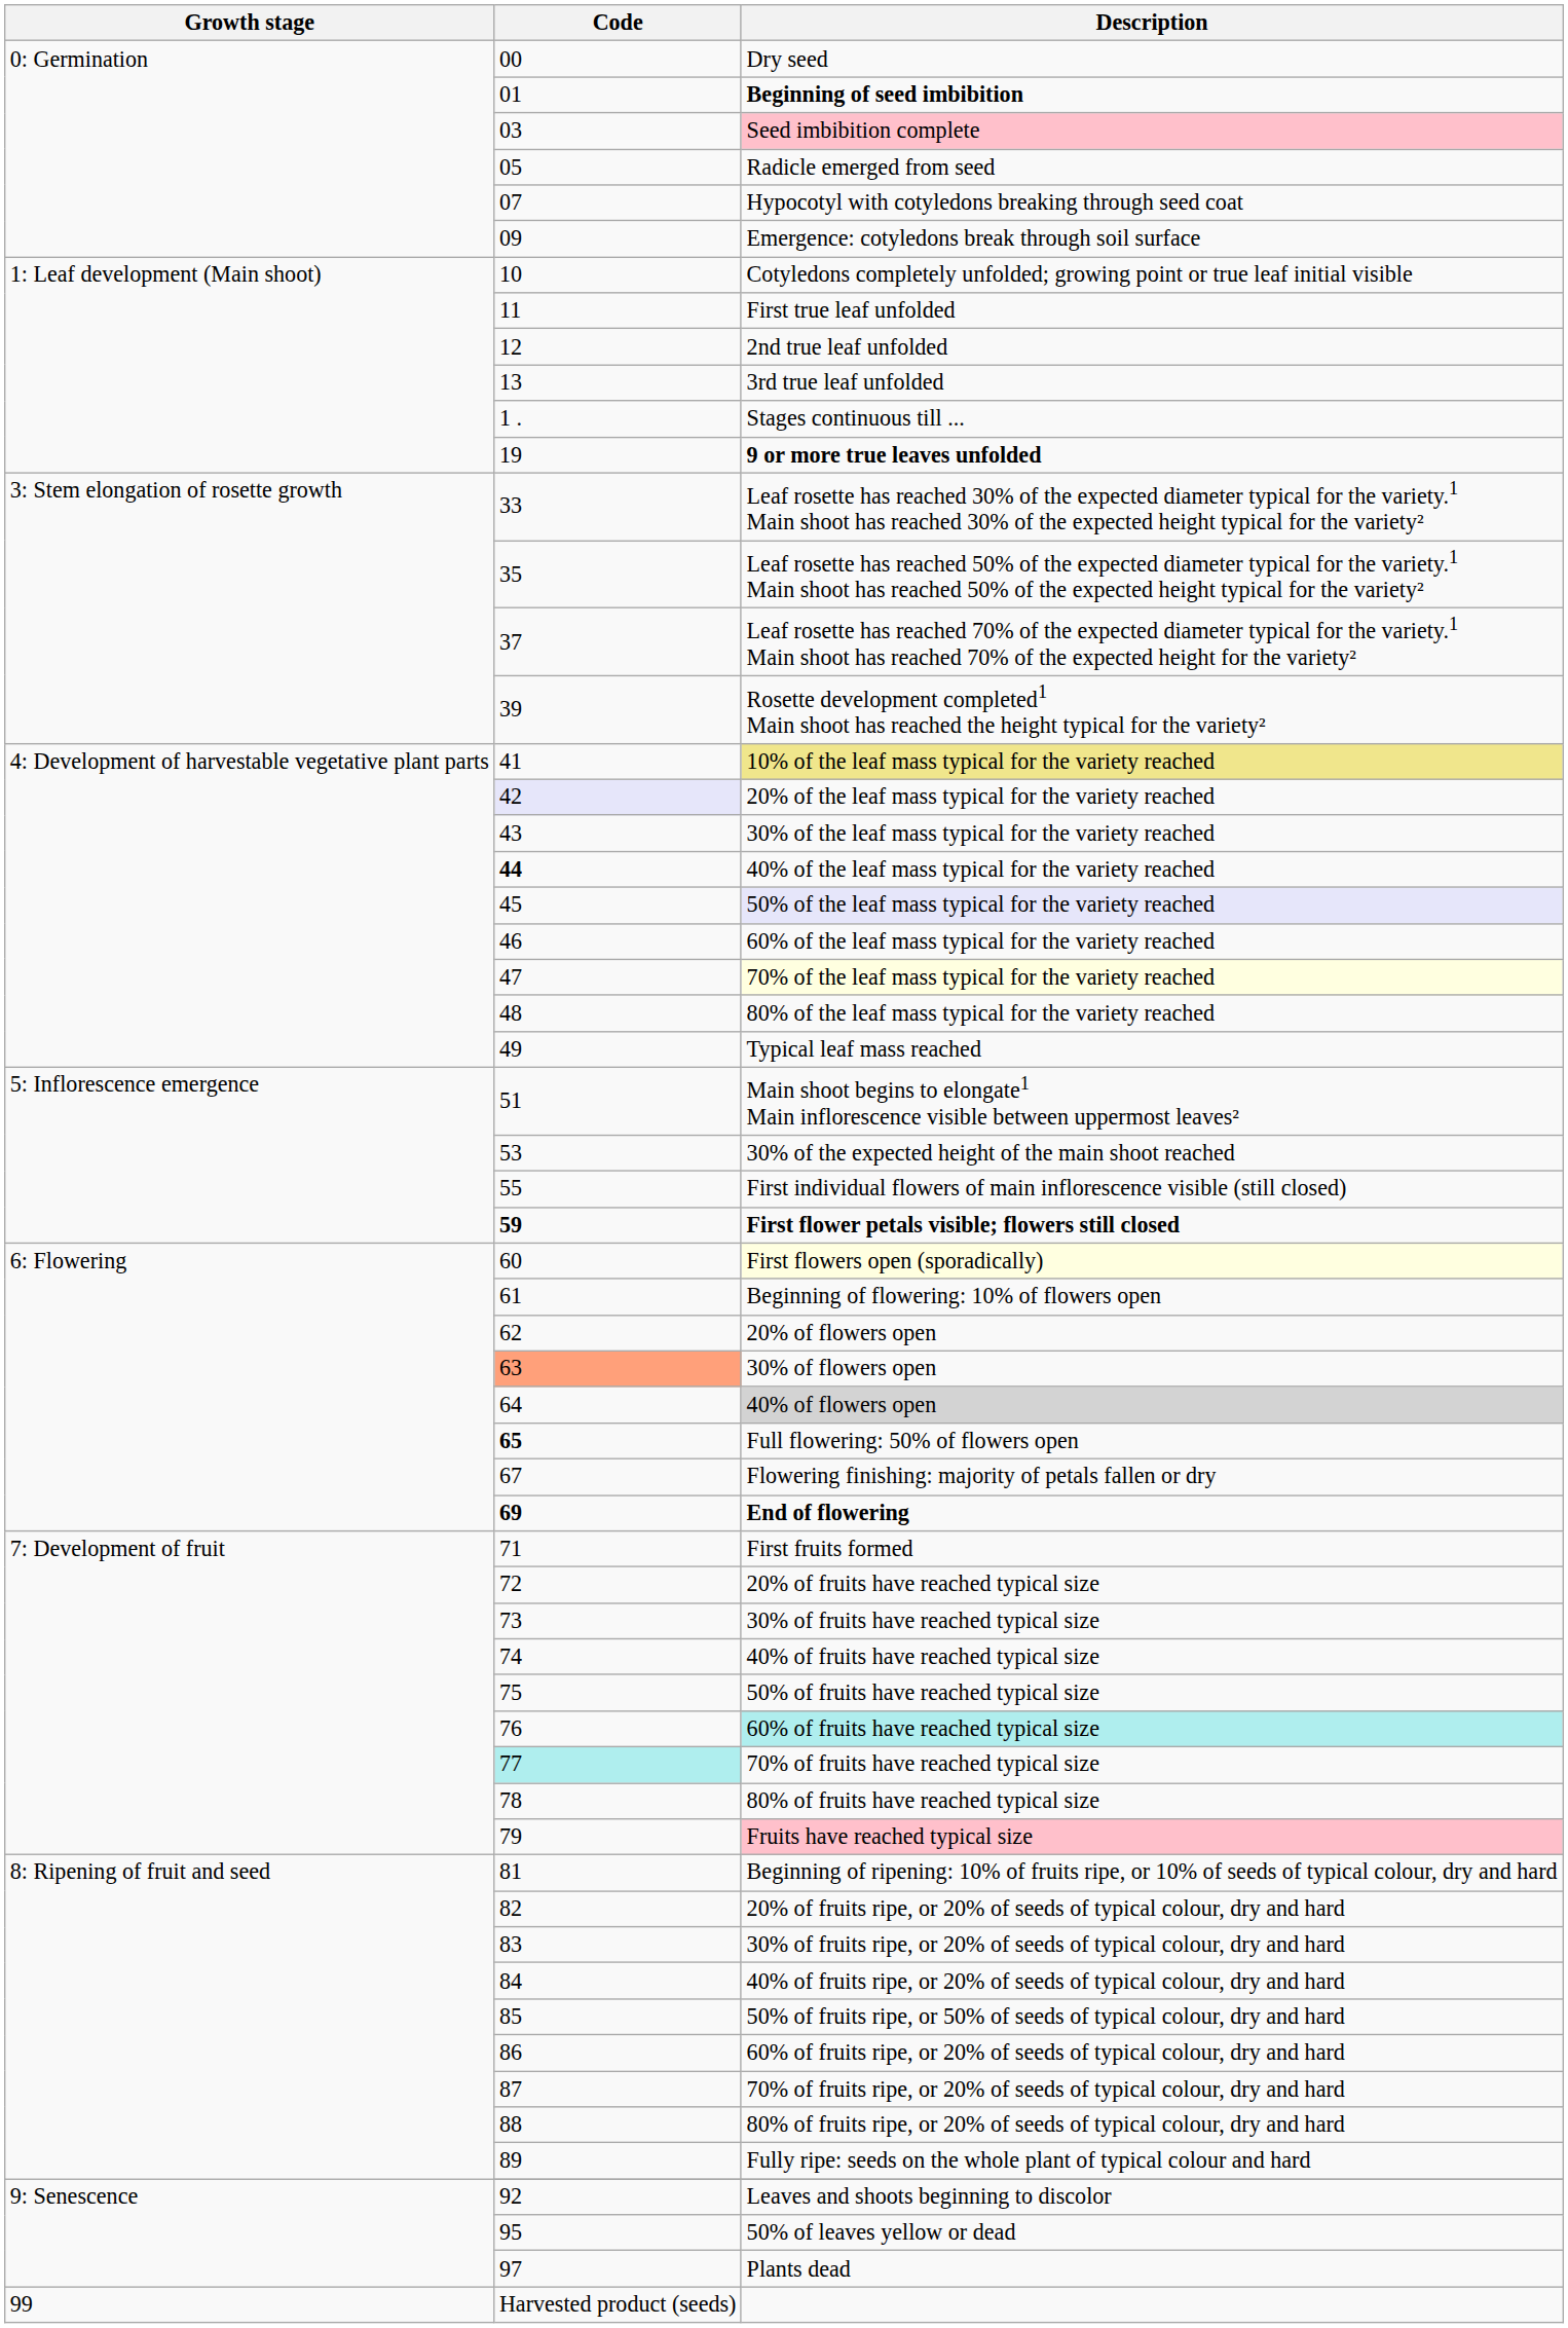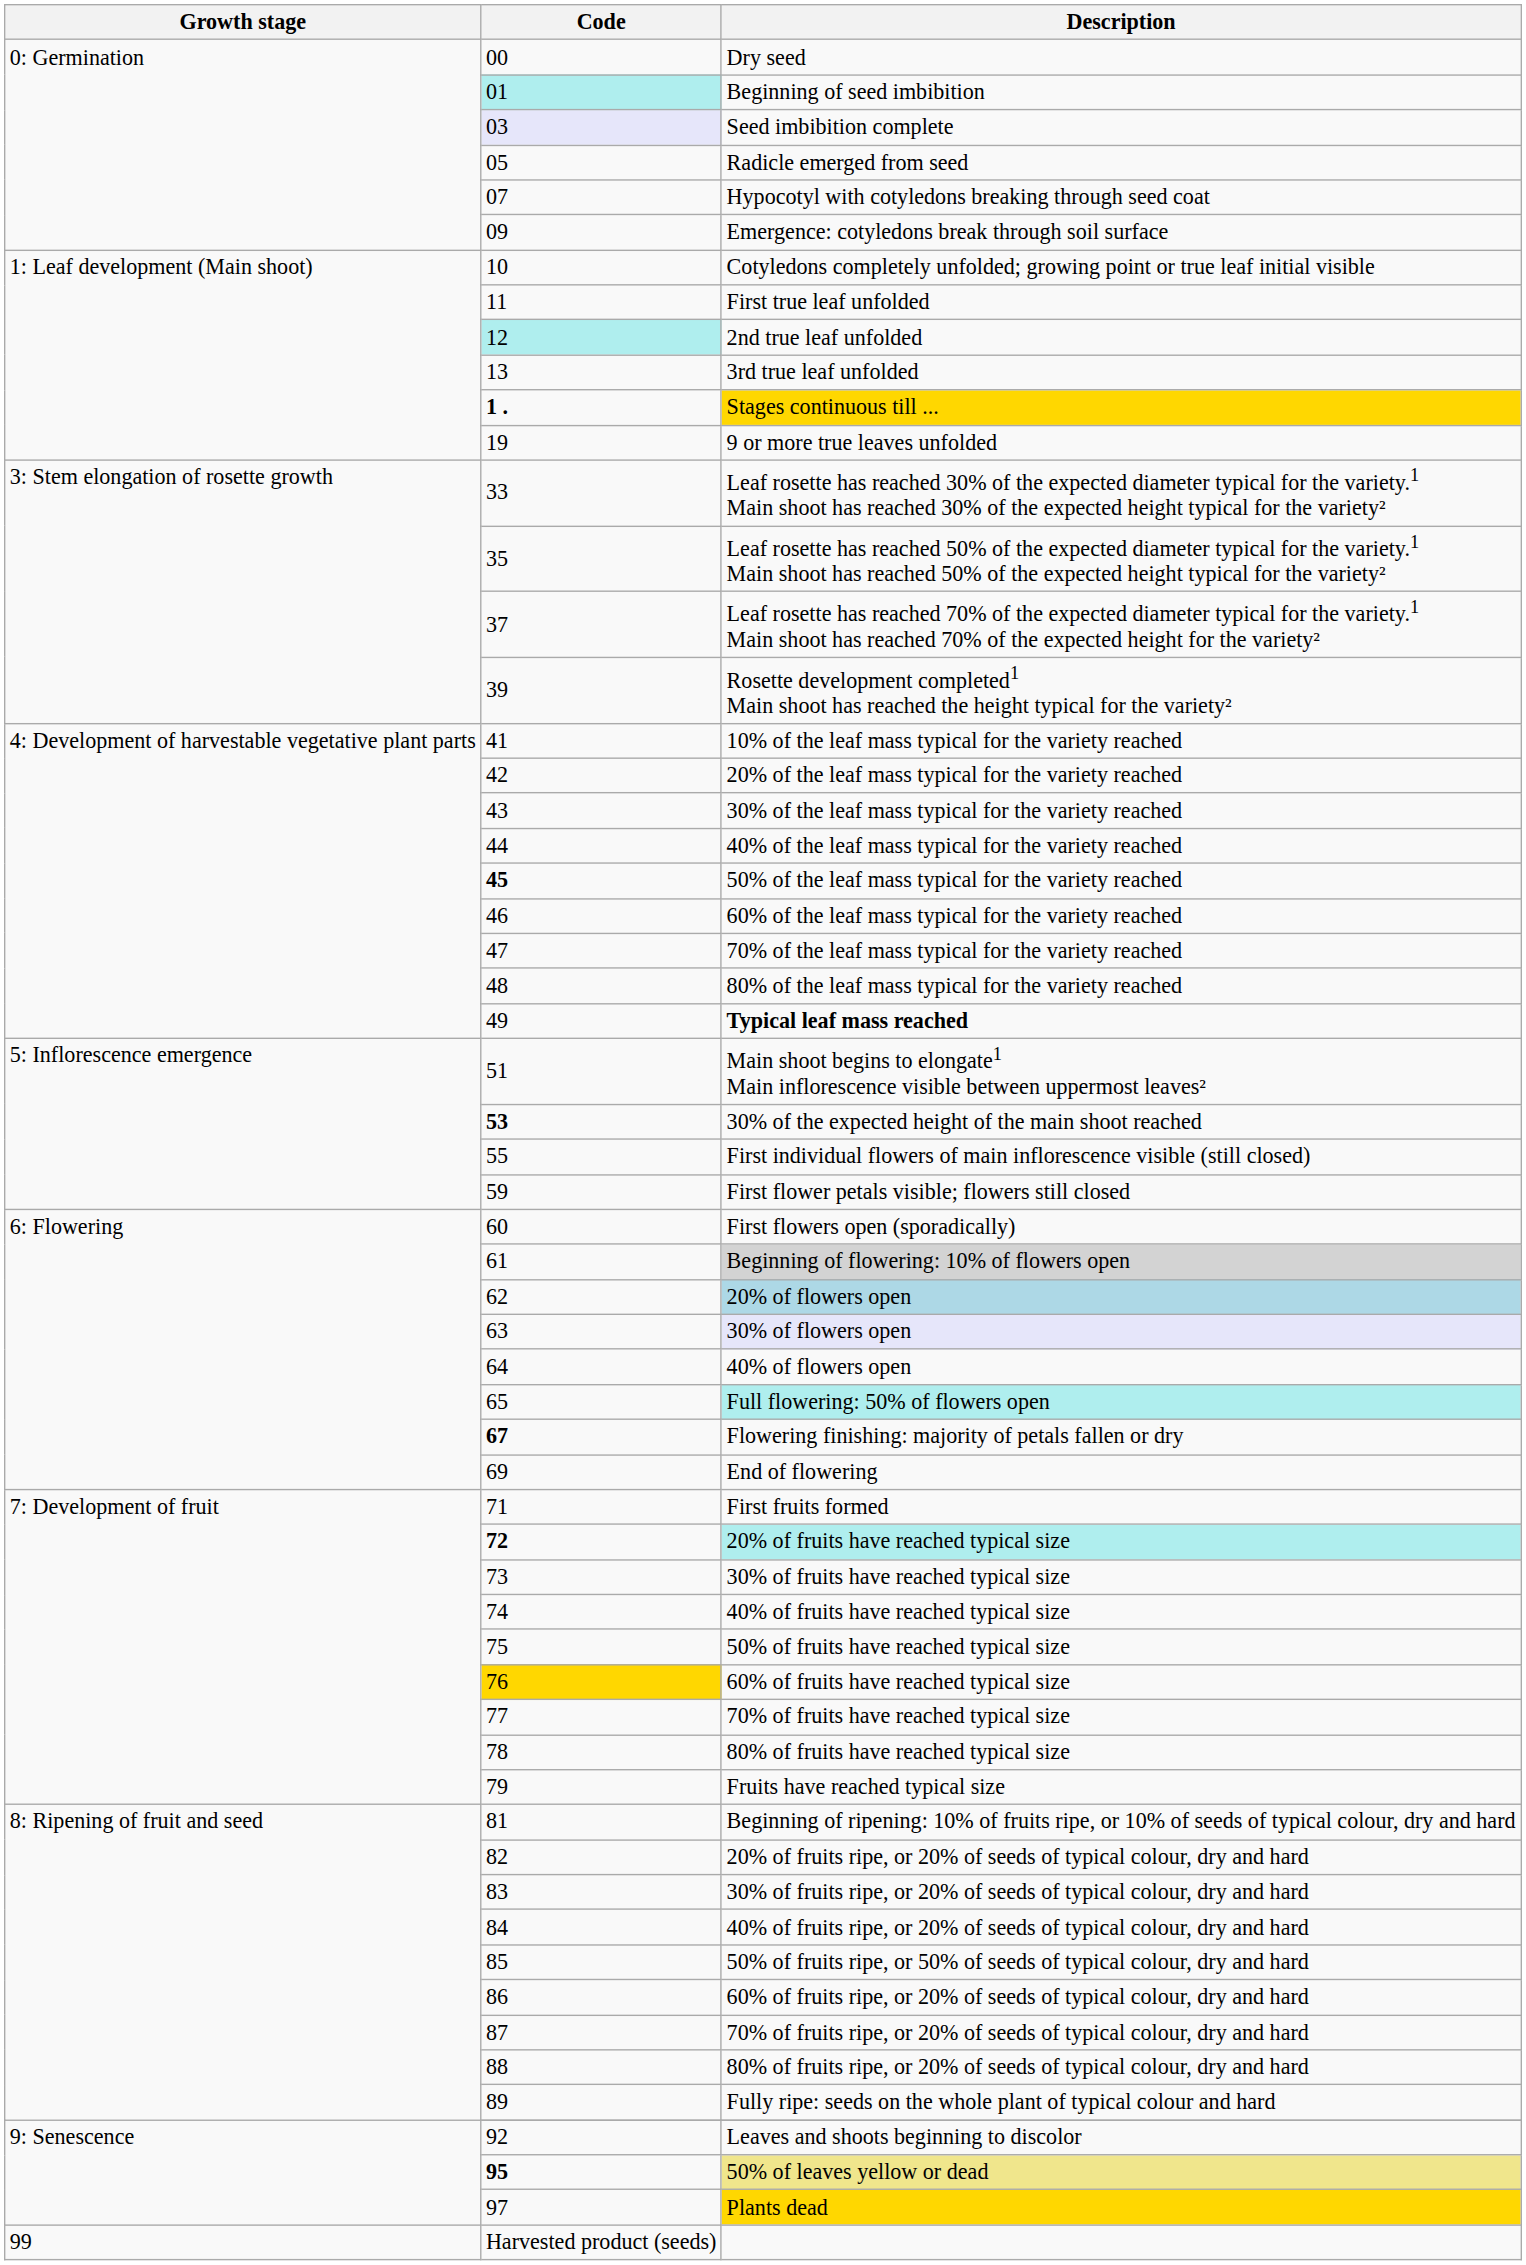 <table class="wikitable" style="clear">
 <tr>
 <th>Growth stage</th>
 <th>Code</th>
 <th>Description</th>
 </tr>
 <tr>
 <td rowspan="6" style="vertical-align:top">0: Germination</td>
 <td>00</td>
 <td>Dry seed</td>
 </tr>
 <tr>
-<td>01</td>
-<td><strong>Beginning of seed imbibition</strong></td>
+<td style="background: paleturquoise;">01</td>
+<td>Beginning of seed imbibition</td>
 </tr>
 <tr>
-<td>03</td>
-<td style="background: pink;">Seed imbibition complete</td>
+<td style="background: lavender;">03</td>
+<td>Seed imbibition complete</td>
 </tr>
 <tr>
 <td>05</td>
 <td>Radicle emerged from seed</td>
 </tr>
 <tr>
 <td>07</td>
 <td>Hypocotyl with cotyledons breaking through seed coat</td>
 </tr>
 <tr>
 <td>09</td>
 <td>Emergence: cotyledons break through soil surface</td>
 </tr>
 <tr>
 <td rowspan="6" style="vertical-align:top">1: Leaf development (Main shoot)</td>
 <td>10</td>
 <td>Cotyledons completely unfolded; growing point or true leaf initial visible</td>
 </tr>
 <tr>
 <td>11</td>
 <td>First true leaf unfolded</td>
 </tr>
 <tr>
-<td>12</td>
+<td style="background: paleturquoise;">12</td>
 <td>2nd true leaf unfolded</td>
 </tr>
 <tr>
 <td>13</td>
 <td>3rd true leaf unfolded</td>
 </tr>
 <tr>
-<td>1 .</td>
-<td>Stages continuous till ...</td>
+<td><strong>1 .</strong></td>
+<td style="background: gold;">Stages continuous till ...</td>
 </tr>
 <tr>
 <td>19</td>
-<td><strong>9 or more true leaves unfolded</strong></td>
+<td>9 or more true leaves unfolded</td>
 </tr>
 <tr>
 <td rowspan="4" style="vertical-align:top">3: Stem elongation of rosette growth</td>
 <td>33</td>
 <td>Leaf rosette has reached 30% of the expected diameter typical for the variety.<sup>1</sup><br>Main shoot has reached 30% of the expected height typical for the variety²</td>
 </tr>
 <tr>
 <td>35</td>
 <td>Leaf rosette has reached 50% of the expected diameter typical for the variety.<sup>1</sup><br>Main shoot has reached 50% of the expected height typical for the variety²</td>
 </tr>
 <tr>
 <td>37</td>
 <td>Leaf rosette has reached 70% of the expected diameter typical for the variety.<sup>1</sup><br>Main shoot has reached 70% of the expected height for the variety²</td>
 </tr>
 <tr>
 <td>39</td>
 <td>Rosette development completed<sup>1</sup><br>Main shoot has reached the height typical for the variety²</td>
 </tr>
 <tr>
 <td rowspan="9" style="vertical-align:top">4: Development of harvestable vegetative plant parts</td>
 <td>41</td>
-<td style="background: khaki;">10% of the leaf mass typical for the variety reached</td>
+<td>10% of the leaf mass typical for the variety reached</td>
 </tr>
 <tr>
-<td style="background: lavender;">42</td>
+<td>42</td>
 <td>20% of the leaf mass typical for the variety reached</td>
 </tr>
 <tr>
 <td>43</td>
 <td>30% of the leaf mass typical for the variety reached</td>
 </tr>
 <tr>
-<td><strong>44</strong></td>
+<td>44</td>
 <td>40% of the leaf mass typical for the variety reached</td>
 </tr>
 <tr>
-<td>45</td>
-<td style="background: lavender;">50% of the leaf mass typical for the variety reached</td>
+<td><strong>45</strong></td>
+<td>50% of the leaf mass typical for the variety reached</td>
 </tr>
 <tr>
 <td>46</td>
 <td>60% of the leaf mass typical for the variety reached</td>
 </tr>
 <tr>
 <td>47</td>
-<td style="background: lightyellow;">70% of the leaf mass typical for the variety reached</td>
+<td>70% of the leaf mass typical for the variety reached</td>
 </tr>
 <tr>
 <td>48</td>
 <td>80% of the leaf mass typical for the variety reached</td>
 </tr>
 <tr>
 <td>49</td>
-<td>Typical leaf mass reached</td>
+<td><strong>Typical leaf mass reached</strong></td>
 </tr>
 <tr>
 <td rowspan="4" style="vertical-align:top">5: Inflorescence emergence</td>
 <td>51</td>
 <td>Main shoot begins to elongate<sup>1</sup><br>Main inflorescence visible between uppermost leaves²</td>
 </tr>
 <tr>
-<td>53</td>
+<td><strong>53</strong></td>
 <td>30% of the expected height of the main shoot reached</td>
 </tr>
 <tr>
 <td>55</td>
 <td>First individual flowers of main inflorescence visible (still closed)</td>
 </tr>
 <tr>
-<td><strong>59</strong></td>
-<td><strong>First flower petals visible; flowers still closed</strong></td>
+<td>59</td>
+<td>First flower petals visible; flowers still closed</td>
 </tr>
 <tr>
 <td rowspan="8" style="vertical-align:top">6: Flowering</td>
 <td>60</td>
-<td style="background: lightyellow;">First flowers open (sporadically)</td>
+<td>First flowers open (sporadically)</td>
 </tr>
 <tr>
 <td>61</td>
-<td>Beginning of flowering: 10% of flowers open</td>
+<td style="background: lightgrey;">Beginning of flowering: 10% of flowers open</td>
 </tr>
 <tr>
 <td>62</td>
-<td>20% of flowers open</td>
+<td style="background: lightblue;">20% of flowers open</td>
 </tr>
 <tr>
-<td style="background: lightsalmon;">63</td>
-<td>30% of flowers open</td>
+<td>63</td>
+<td style="background: lavender;">30% of flowers open</td>
 </tr>
 <tr>
 <td>64</td>
-<td style="background: lightgrey;">40% of flowers open</td>
+<td>40% of flowers open</td>
 </tr>
 <tr>
-<td><strong>65</strong></td>
-<td>Full flowering: 50% of flowers open</td>
+<td>65</td>
+<td style="background: paleturquoise;">Full flowering: 50% of flowers open</td>
 </tr>
 <tr>
-<td>67</td>
+<td><strong>67</strong></td>
 <td>Flowering finishing: majority of petals fallen or dry</td>
 </tr>
 <tr>
-<td><strong>69</strong></td>
-<td><strong>End of flowering</strong></td>
+<td>69</td>
+<td>End of flowering</td>
 </tr>
 <tr>
 <td rowspan="9" style="vertical-align:top">7: Development of fruit</td>
 <td>71</td>
 <td>First fruits formed</td>
 </tr>
 <tr>
-<td>72</td>
-<td>20% of fruits have reached typical size</td>
+<td><strong>72</strong></td>
+<td style="background: paleturquoise;">20% of fruits have reached typical size</td>
 </tr>
 <tr>
 <td>73</td>
 <td>30% of fruits have reached typical size</td>
 </tr>
 <tr>
 <td>74</td>
 <td>40% of fruits have reached typical size</td>
 </tr>
 <tr>
 <td>75</td>
 <td>50% of fruits have reached typical size</td>
 </tr>
 <tr>
-<td>76</td>
-<td style="background: paleturquoise;">60% of fruits have reached typical size</td>
+<td style="background: gold;">76</td>
+<td>60% of fruits have reached typical size</td>
 </tr>
 <tr>
-<td style="background: paleturquoise;">77</td>
+<td>77</td>
 <td>70% of fruits have reached typical size</td>
 </tr>
 <tr>
 <td>78</td>
 <td>80% of fruits have reached typical size</td>
 </tr>
 <tr>
 <td>79</td>
-<td style="background: pink;">Fruits have reached typical size</td>
+<td>Fruits have reached typical size</td>
 </tr>
 <tr>
 <td rowspan="9" style="vertical-align:top">8: Ripening of fruit and seed</td>
 <td>81</td>
 <td>Beginning of ripening: 10% of fruits ripe, or 10% of seeds of typical colour, dry and hard</td>
 </tr>
 <tr>
 <td>82</td>
 <td>20% of fruits ripe, or 20% of seeds of typical colour, dry and hard</td>
 </tr>
 <tr>
 <td>83</td>
 <td>30% of fruits ripe, or 20% of seeds of typical colour, dry and hard</td>
 </tr>
 <tr>
 <td>84</td>
 <td>40% of fruits ripe, or 20% of seeds of typical colour, dry and hard</td>
 </tr>
 <tr>
 <td>85</td>
 <td>50% of fruits ripe, or 50% of seeds of typical colour, dry and hard</td>
 </tr>
 <tr>
 <td>86</td>
 <td>60% of fruits ripe, or 20% of seeds of typical colour, dry and hard</td>
 </tr>
 <tr>
 <td>87</td>
 <td>70% of fruits ripe, or 20% of seeds of typical colour, dry and hard</td>
 </tr>
 <tr>
 <td>88</td>
 <td>80% of fruits ripe, or 20% of seeds of typical colour, dry and hard</td>
 </tr>
 <tr>
 <td>89</td>
 <td>Fully ripe: seeds on the whole plant of typical colour and hard</td>
 </tr>
 <tr>
 <td rowspan="4" style="vertical-align:top">9: Senescence</td>
 </tr>
 <tr>
 <td>92</td>
 <td>Leaves and shoots beginning to discolor</td>
 </tr>
 <tr>
-<td>95</td>
-<td>50% of leaves yellow or dead</td>
+<td><strong>95</strong></td>
+<td style="background: khaki;">50% of leaves yellow or dead</td>
 </tr>
 <tr>
 <td>97</td>
-<td>Plants dead</td>
+<td style="background: gold;">Plants dead</td>
 </tr>
 <tr>
 <td>99</td>
 <td>Harvested product (seeds)</td>
 </tr>
 </table>
